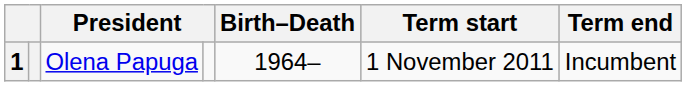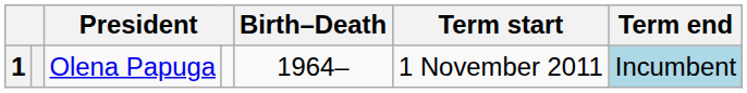 <table class="wikitable" style="text-align:center">
 <tr>
 <th colspan="2"></th>
 <th colspan="2">President</th>
 <th>Birth–Death</th>
 <th>Term start</th>
 <th>Term end</th>
 </tr>
 <tr>
 <th>1</th>
 <th style="background:"></th>
 <td><a href='#'>Olena Papuga</a></td>
 <td></td>
 <td>1964–</td>
 <td>1 November 2011</td>
-<td>Incumbent</td>
+<td style="background: lightblue;">Incumbent</td>
 </tr>
 </table>
